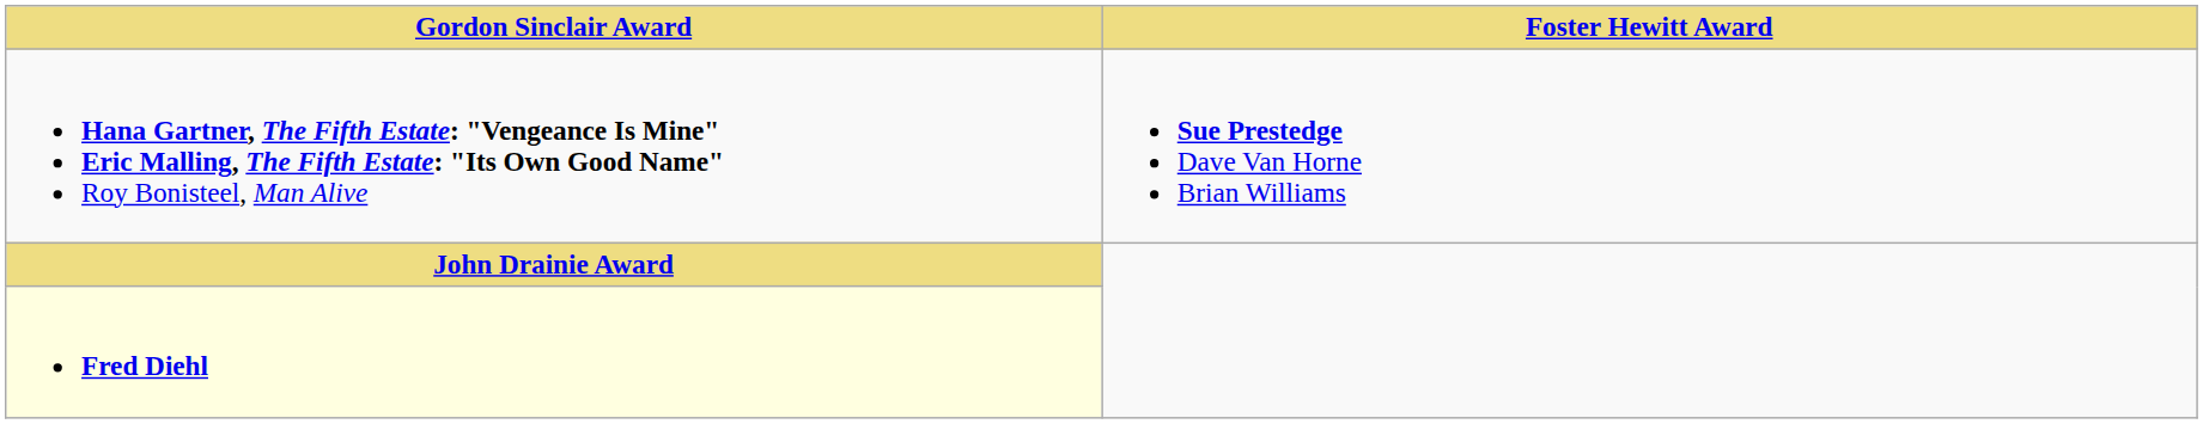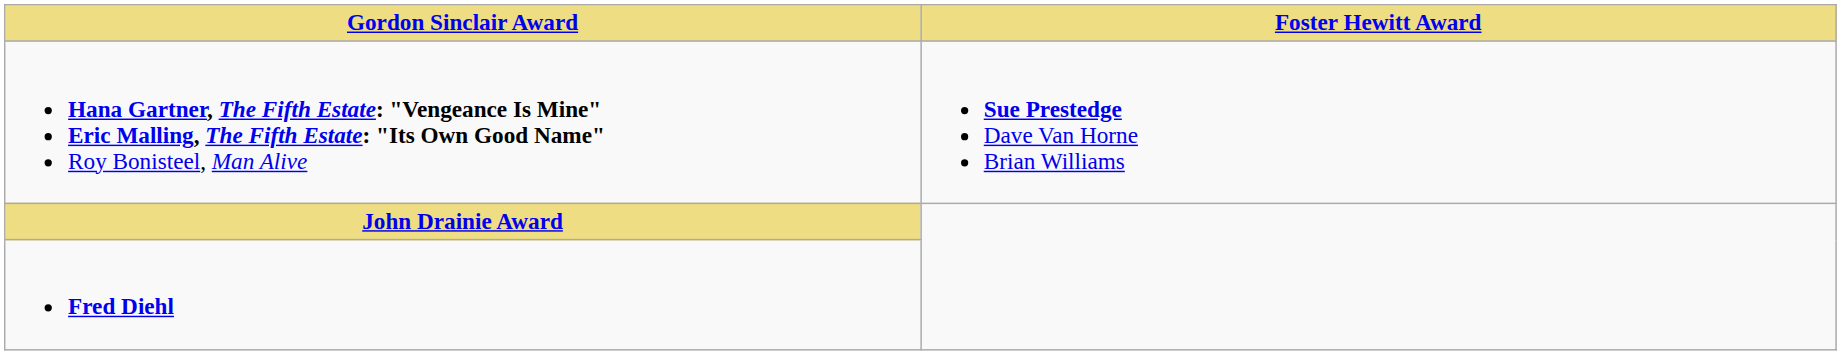 <table class=wikitable width="100%">
 <tr>
 <th style="background:#EEDD82; width:50%"><a href='#'>Gordon Sinclair Award</a></th>
 <th style="background:#EEDD82; width:50%"><a href='#'>Foster Hewitt Award</a></th>
 </tr>
 <tr>
 <td valign="top"><br><ul><li> <strong><a href='#'>Hana Gartner</a>, <em><a href='#'>The Fifth Estate</a></em>: "Vengeance Is Mine"</strong></li><li> <strong><a href='#'>Eric Malling</a>, <em><a href='#'>The Fifth Estate</a></em>: "Its Own Good Name"</strong></li><li><a href='#'>Roy Bonisteel</a>, <em><a href='#'>Man Alive</a></em></li></ul></td>
 <td valign="top"><br><ul><li> <strong><a href='#'>Sue Prestedge</a></strong></li><li><a href='#'>Dave Van Horne</a></li><li><a href='#'>Brian Williams</a></li></ul></td>
 </tr>
 <tr>
 <th style="background:#EEDD82; width:50%"><a href='#'>John Drainie Award</a></th>
 </tr>
 <tr>
-<td valign="top" style="background: lightyellow;"><br><ul><li> <strong><a href='#'>Fred Diehl</a></strong></li></ul></td>
+<td valign="top"><br><ul><li> <strong><a href='#'>Fred Diehl</a></strong></li></ul></td>
 </tr>
 </table>
